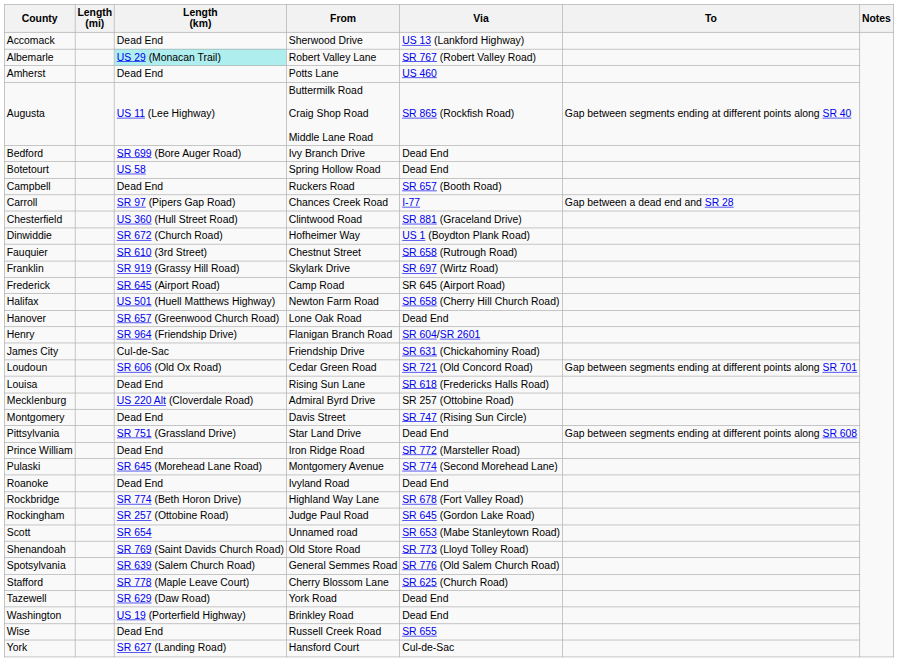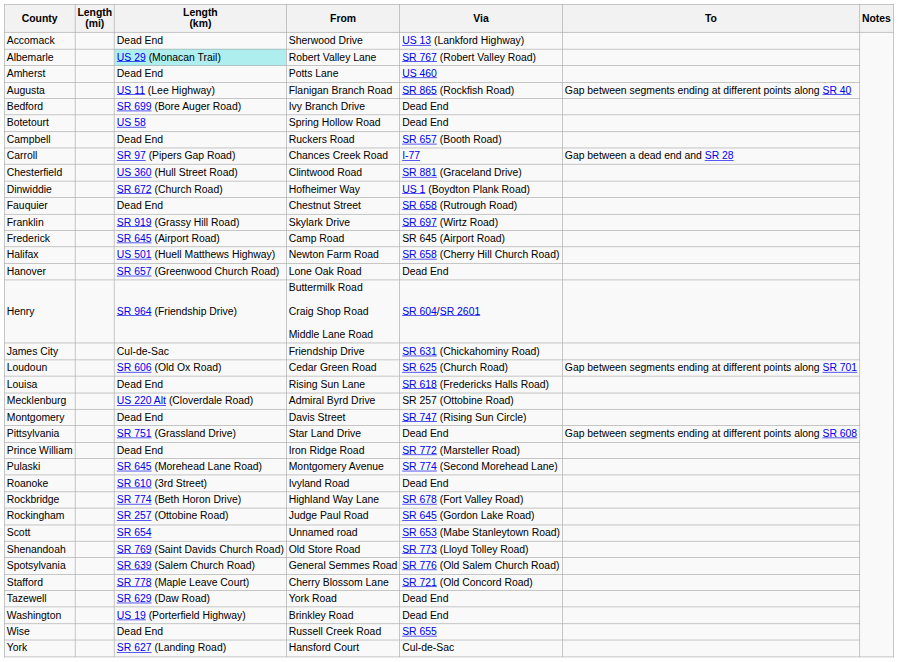 <table class="wikitable sortable">
 <tr>
 <th>County</th>
 <th>Length<br>(mi)</th>
 <th>Length<br>(km)</th>
 <th class="unsortable">From</th>
 <th class="unsortable">Via</th>
 <th class="unsortable">To</th>
 <th class="unsortable">Notes</th>
 </tr>
 <tr>
 <td id="Accomack">Accomack</td>
 <td></td>
 <td>Dead End</td>
 <td>Sherwood Drive</td>
 <td><a href='#'>US 13</a> (Lankford Highway)</td>
 <td></td>
 </tr>
 <tr>
 <td id="Albemarle">Albemarle</td>
 <td></td>
 <td style="background: paleturquoise;"><a href='#'>US 29</a> (Monacan Trail)</td>
 <td>Robert Valley Lane</td>
 <td><a href='#'>SR 767</a> (Robert Valley Road)</td>
 <td><br> </td>
 </tr>
 <tr>
 <td id="Amherst">Amherst</td>
 <td></td>
 <td>Dead End</td>
 <td>Potts Lane</td>
 <td><a href='#'>US 460</a></td>
 <td><br> </td>
 </tr>
 <tr>
 <td id="Augusta">Augusta</td>
 <td></td>
 <td><a href='#'>US 11</a> (Lee Highway)</td>
-<td>Buttermilk Road<br><br>Craig Shop Road<br><br>Middle Lane Road</td>
+<td>Flanigan Branch Road</td>
 <td><a href='#'>SR 865</a> (Rockfish Road)</td>
 <td>Gap between segments ending at different points along <a href='#'>SR 40</a><br>  </td>
 </tr>
 <tr>
 <td id="Bedford">Bedford</td>
 <td></td>
 <td><a href='#'>SR 699</a> (Bore Auger Road)</td>
 <td>Ivy Branch Drive</td>
 <td>Dead End</td>
 <td><br></td>
 </tr>
 <tr>
 <td id="Botetourt">Botetourt</td>
 <td></td>
 <td><a href='#'>US 58</a></td>
 <td>Spring Hollow Road</td>
 <td>Dead End</td>
 <td><br>  </td>
 </tr>
 <tr>
 <td id="Campbell">Campbell</td>
 <td></td>
 <td>Dead End</td>
 <td>Ruckers Road</td>
 <td><a href='#'>SR 657</a> (Booth Road)</td>
 <td><br></td>
 </tr>
 <tr>
 <td id="Carroll">Carroll</td>
 <td></td>
 <td><a href='#'>SR 97</a> (Pipers Gap Road)</td>
 <td>Chances Creek Road</td>
 <td><a href='#'>I-77</a></td>
 <td>Gap between a dead end and <a href='#'>SR 28</a></td>
 </tr>
 <tr>
 <td id="Chesterfield">Chesterfield</td>
 <td></td>
 <td><a href='#'>US 360</a> (Hull Street Road)</td>
 <td>Clintwood Road</td>
 <td><a href='#'>SR 881</a> (Graceland Drive)</td>
 <td><br>    </td>
 </tr>
 <tr>
 <td id="Dinwiddie">Dinwiddie</td>
 <td></td>
 <td><a href='#'>SR 672</a> (Church Road)</td>
 <td>Hofheimer Way</td>
 <td><a href='#'>US 1</a> (Boydton Plank Road)</td>
 <td><br> </td>
 </tr>
 <tr>
 <td id="Fauquier">Fauquier</td>
 <td></td>
-<td><a href='#'>SR 610</a> (3rd Street)</td>
+<td>Dead End</td>
 <td>Chestnut Street</td>
 <td><a href='#'>SR 658</a> (Rutrough Road)</td>
 <td><br> </td>
 </tr>
 <tr>
 <td id="Franklin">Franklin</td>
 <td></td>
 <td><a href='#'>SR 919</a> (Grassy Hill Road)</td>
 <td>Skylark Drive</td>
 <td><a href='#'>SR 697</a> (Wirtz Road)</td>
 <td></td>
 </tr>
 <tr>
 <td id="Frederick">Frederick</td>
 <td></td>
 <td><a href='#'>SR 645</a> (Airport Road)</td>
 <td>Camp Road</td>
 <td>SR 645 (Airport Road)</td>
 <td><br>     </td>
 </tr>
 <tr>
 <td id="Halifax">Halifax</td>
 <td></td>
 <td><a href='#'>US 501</a> (Huell Matthews Highway)</td>
 <td>Newton Farm Road</td>
 <td><a href='#'>SR 658</a> (Cherry Hill Church Road)</td>
 <td></td>
 </tr>
 <tr>
 <td id="Hanover">Hanover</td>
 <td></td>
 <td><a href='#'>SR 657</a> (Greenwood Church Road)</td>
 <td>Lone Oak Road</td>
 <td>Dead End</td>
 <td><br></td>
 </tr>
 <tr>
 <td id="Henry">Henry</td>
 <td></td>
 <td><a href='#'>SR 964</a> (Friendship Drive)</td>
-<td>Flanigan Branch Road</td>
+<td>Buttermilk Road<br><br>Craig Shop Road<br><br>Middle Lane Road</td>
 <td><a href='#'>SR 604</a>/<a href='#'>SR 2601</a></td>
 <td><br> </td>
 </tr>
 <tr>
 <td id="James City">James City</td>
 <td></td>
 <td>Cul-de-Sac</td>
 <td>Friendship Drive</td>
 <td><a href='#'>SR 631</a> (Chickahominy Road)</td>
 <td><br>    </td>
 </tr>
 <tr>
 <td id="Loudoun">Loudoun</td>
 <td></td>
 <td><a href='#'>SR 606</a> (Old Ox Road)</td>
 <td>Cedar Green Road</td>
-<td><a href='#'>SR 721</a> (Old Concord Road)</td>
+<td><a href='#'>SR 625</a> (Church Road)</td>
 <td>Gap between segments ending at different points along <a href='#'>SR 701</a><br> </td>
 </tr>
 <tr>
 <td id="Louisa">Louisa</td>
 <td></td>
 <td>Dead End</td>
 <td>Rising Sun Lane</td>
 <td><a href='#'>SR 618</a> (Fredericks Halls Road)</td>
 <td><br>  </td>
 </tr>
 <tr>
 <td id="Mecklenburg">Mecklenburg</td>
 <td></td>
 <td><a href='#'>US 220 Alt</a> (Cloverdale Road)</td>
 <td>Admiral Byrd Drive</td>
 <td>SR 257 (Ottobine Road)</td>
 <td><br></td>
 </tr>
 <tr>
 <td id="Montgomery">Montgomery</td>
 <td></td>
 <td>Dead End</td>
 <td>Davis Street</td>
 <td><a href='#'>SR 747</a> (Rising Sun Circle)</td>
 <td><br>       </td>
 </tr>
 <tr>
 <td id="Pittsylvania">Pittsylvania</td>
 <td></td>
 <td><a href='#'>SR 751</a> (Grassland Drive)</td>
 <td>Star Land Drive</td>
 <td>Dead End</td>
 <td>Gap between segments ending at different points along <a href='#'>SR 608</a><br></td>
 </tr>
 <tr>
 <td id="Prince William">Prince William</td>
 <td></td>
 <td>Dead End</td>
 <td>Iron Ridge Road</td>
 <td><a href='#'>SR 772</a> (Marsteller Road)</td>
 <td></td>
 </tr>
 <tr>
 <td id="Pulaski">Pulaski</td>
 <td></td>
 <td><a href='#'>SR 645</a> (Morehead Lane Road)</td>
 <td>Montgomery Avenue</td>
 <td><a href='#'>SR 774</a> (Second Morehead Lane)</td>
 <td><br> </td>
 </tr>
 <tr>
 <td id="Roanoke">Roanoke</td>
 <td></td>
-<td>Dead End</td>
+<td><a href='#'>SR 610</a> (3rd Street)</td>
 <td>Ivyland Road</td>
 <td>Dead End</td>
 <td></td>
 </tr>
 <tr>
 <td id="Rockbridge">Rockbridge</td>
 <td></td>
 <td><a href='#'>SR 774</a> (Beth Horon Drive)</td>
 <td>Highland Way Lane</td>
 <td><a href='#'>SR 678</a> (Fort Valley Road)</td>
 <td></td>
 </tr>
 <tr>
 <td id="Rockingham">Rockingham</td>
 <td></td>
 <td><a href='#'>SR 257</a> (Ottobine Road)</td>
 <td>Judge Paul Road</td>
 <td><a href='#'>SR 645</a> (Gordon Lake Road)</td>
 <td><br></td>
 </tr>
 <tr>
 <td id="Scott">Scott</td>
 <td></td>
 <td><a href='#'>SR 654</a></td>
 <td>Unnamed road</td>
 <td><a href='#'>SR 653</a> (Mabe Stanleytown Road)</td>
 <td></td>
 </tr>
 <tr>
 <td id="Shenandoah">Shenandoah</td>
 <td></td>
 <td><a href='#'>SR 769</a> (Saint Davids Church Road)</td>
 <td>Old Store Road</td>
 <td><a href='#'>SR 773</a> (Lloyd Tolley Road)</td>
 <td><br> </td>
 </tr>
 <tr>
 <td id="Spotsylvania">Spotsylvania</td>
 <td></td>
 <td><a href='#'>SR 639</a> (Salem Church Road)</td>
 <td>General Semmes Road</td>
 <td><a href='#'>SR 776</a> (Old Salem Church Road)</td>
 <td></td>
 </tr>
 <tr>
 <td id="Stafford">Stafford</td>
 <td></td>
 <td><a href='#'>SR 778</a> (Maple Leave Court)</td>
 <td>Cherry Blossom Lane</td>
-<td><a href='#'>SR 625</a> (Church Road)</td>
+<td><a href='#'>SR 721</a> (Old Concord Road)</td>
 <td><br> </td>
 </tr>
 <tr>
 <td id="Tazewell">Tazewell</td>
 <td></td>
 <td><a href='#'>SR 629</a> (Daw Road)</td>
 <td>York Road</td>
 <td>Dead End</td>
 <td><br></td>
 </tr>
 <tr>
 <td id="Washington">Washington</td>
 <td></td>
 <td><a href='#'>US 19</a> (Porterfield Highway)</td>
 <td>Brinkley Road</td>
 <td>Dead End</td>
 <td><br></td>
 </tr>
 <tr>
 <td id="Wise">Wise</td>
 <td></td>
 <td>Dead End</td>
 <td>Russell Creek Road</td>
 <td><a href='#'>SR 655</a></td>
 <td><br></td>
 </tr>
 <tr>
 <td id="York">York</td>
 <td></td>
 <td><a href='#'>SR 627</a> (Landing Road)</td>
 <td>Hansford Court</td>
 <td>Cul-de-Sac</td>
 <td></td>
 </tr>
 </table>
